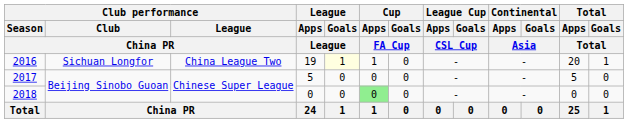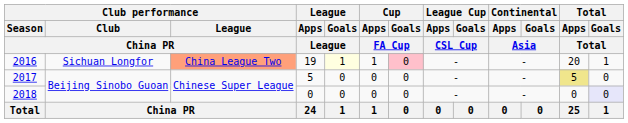 <table class="wikitable" style="text-align:center">
 <tr>
 <th colspan=3>Club performance</th>
 <th colspan=2>League</th>
 <th colspan=2>Cup</th>
 <th colspan=2>League Cup</th>
 <th colspan=2>Continental</th>
 <th colspan=2>Total</th>
 </tr>
 <tr>
 <th>Season</th>
 <th>Club</th>
 <th>League</th>
 <th>Apps</th>
 <th>Goals</th>
 <th>Apps</th>
 <th>Goals</th>
 <th>Apps</th>
 <th>Goals</th>
 <th>Apps</th>
 <th>Goals</th>
 <th>Apps</th>
 <th>Goals</th>
 </tr>
 <tr>
 <th colspan=3>China PR</th>
 <th colspan=2>League</th>
 <th colspan=2><a href='#'>FA Cup</a></th>
 <th colspan=2><a href='#'>CSL Cup</a></th>
 <th colspan=2><a href='#'>Asia</a></th>
 <th colspan=2>Total</th>
 </tr>
 <tr>
 <td><a href='#'>2016</a></td>
 <td><a href='#'>Sichuan Longfor</a></td>
-<td><a href='#'>China League Two</a></td>
+<td style="background: lightsalmon;"><a href='#'>China League Two</a></td>
 <td>19</td>
 <td style="background: lightyellow;">1</td>
 <td>1</td>
-<td>0</td>
+<td style="background: pink;">0</td>
 <td colspan="2">-</td>
 <td colspan="2">-</td>
 <td>20</td>
 <td>1</td>
 </tr>
 <tr>
 <td><a href='#'>2017</a></td>
 <td rowspan="2"><a href='#'>Beijing Sinobo Guoan</a></td>
 <td rowspan="2"><a href='#'>Chinese Super League</a></td>
 <td>5</td>
 <td>0</td>
 <td>0</td>
 <td>0</td>
 <td colspan="2">-</td>
 <td colspan="2">-</td>
-<td>5</td>
+<td style="background: khaki;">5</td>
 <td>0</td>
 </tr>
 <tr>
 <td><a href='#'>2018</a></td>
 <td>0</td>
 <td>0</td>
-<td style="background: lightgreen;">0</td>
+<td>0</td>
 <td>0</td>
 <td colspan="2">-</td>
 <td colspan="2">-</td>
 <td>0</td>
-<td>0</td>
+<td style="background: lavender;">0</td>
 </tr>
 <tr>
 <th rowspan=3>Total</th>
 <th colspan=2>China PR</th>
 <th>24</th>
 <th>1</th>
 <th>1</th>
 <th>0</th>
 <th>0</th>
 <th>0</th>
 <th>0</th>
 <th>0</th>
 <th>25</th>
 <th>1</th>
 </tr>
 </table>
